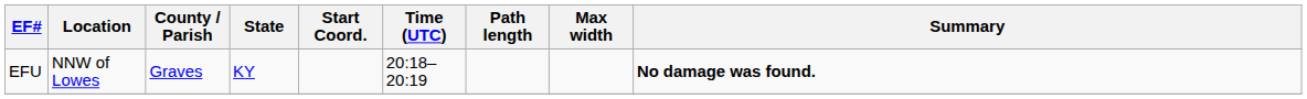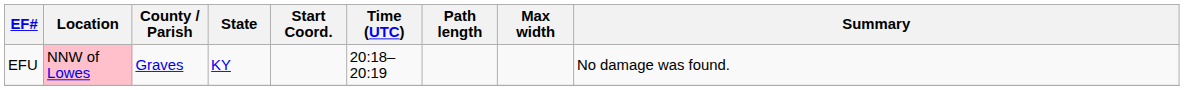 <table class="wikitable sortable" style="width:100%;">
 <tr>
 <th scope="col"  style="width:3%; text-align:center;"><a href='#'>EF#</a></th>
 <th scope="col"  style="width:7%; text-align:center;" class="unsortable">Location</th>
 <th scope="col"  style="width:6%; text-align:center;" class="unsortable">County / Parish</th>
 <th scope="col"  style="width:5%; text-align:center;">State</th>
 <th scope="col"  style="width:6%; text-align:center;">Start Coord.</th>
 <th scope="col"  style="width:6%; text-align:center;">Time (<a href='#'>UTC</a>)</th>
 <th scope="col"  style="width:6%; text-align:center;">Path length</th>
 <th scope="col"  style="width:6%; text-align:center;">Max width</th>
 <th scope="col" class="unsortable" style="width:48%; text-align:center;">Summary</th>
 </tr>
 <tr>
 <td>EFU</td>
-<td>NNW of <a href='#'>Lowes</a></td>
+<td style="background: pink;">NNW of <a href='#'>Lowes</a></td>
 <td><a href='#'>Graves</a></td>
 <td><a href='#'>KY</a></td>
 <td></td>
 <td>20:18–20:19</td>
 <td></td>
 <td></td>
-<td><strong>No damage was found.</strong></td>
+<td>No damage was found.</td>
 </tr>
 <tr>
 </tr>
 </table>
